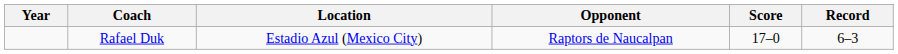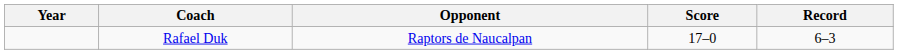 <table class="wikitable" style="width:80%;text-align:center">
 <tr>
 <th>Year</th>
 <th>Coach</th>
-<th>Location</th>
 <th>Opponent</th>
 <th>Score</th>
 <th>Record</th>
 </tr>
 <tr>
 <td></td>
 <td><a href='#'>Rafael Duk</a></td>
-<td><a href='#'>Estadio Azul</a> (<a href='#'>Mexico City</a>)</td>
 <td><a href='#'>Raptors de Naucalpan</a></td>
 <td>17–0</td>
 <td>6–3</td>
 </tr>
 </table>
